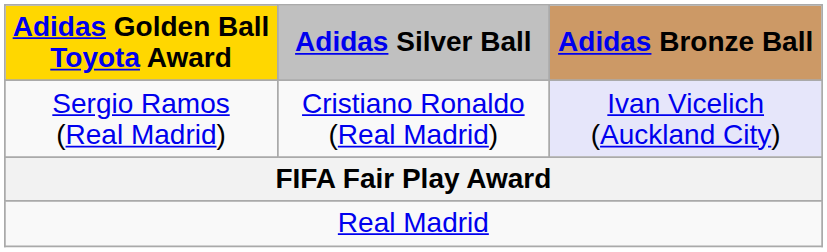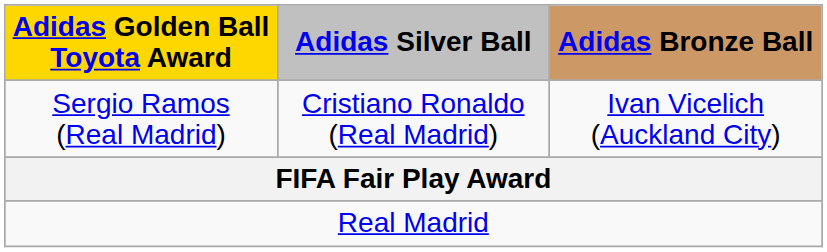 <table class="wikitable" style="text-align:center">
 <tr>
 <th style="background:gold; width:33%"><a href='#'>Adidas</a> Golden Ball<br><a href='#'>Toyota</a> Award</th>
 <th style="background:silver; width:33%"><a href='#'>Adidas</a> Silver Ball</th>
 <th style="background:#CC9966; width:33%"><a href='#'>Adidas</a> Bronze Ball</th>
 </tr>
 <tr>
 <td> <a href='#'>Sergio Ramos</a><br>(<a href='#'>Real Madrid</a>)</td>
 <td> <a href='#'>Cristiano Ronaldo</a><br>(<a href='#'>Real Madrid</a>)</td>
-<td style="background: lavender;"> <a href='#'>Ivan Vicelich</a><br>(<a href='#'>Auckland City</a>)</td>
+<td> <a href='#'>Ivan Vicelich</a><br>(<a href='#'>Auckland City</a>)</td>
 </tr>
 <tr>
 <th colspan="3">FIFA Fair Play Award</th>
 </tr>
 <tr>
 <td colspan="3"> <a href='#'>Real Madrid</a></td>
 </tr>
 </table>
